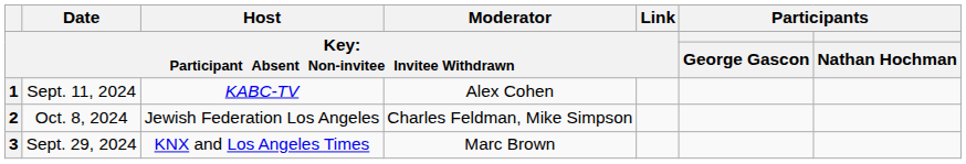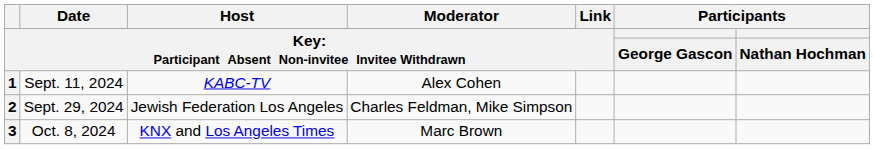 <table class="wikitable" style="text-align:center;">
 <tr>
 <th scope="col"></th>
 <th scope="col">Date</th>
 <th scope="col">Host</th>
 <th scope="col">Moderator</th>
 <th scope="col">Link</th>
 <th colspan="2" scope="col">Participants</th>
 </tr>
 <tr>
 <th colspan="5" rowspan="2">Key:<br> <small>Participant </small>  <small>Absent </small>  <small>Non-invitee </small>  <small>Invitee  Withdrawn</small></th>
 <th scope="col" style="background:"></th>
 <th scope="col" style="background:"></th>
 </tr>
 <tr>
 <th scope="col">George Gascon</th>
 <th scope="col">Nathan Hochman</th>
 </tr>
 <tr>
 <th scope="row">1</th>
 <td style="white-space:nowrap;">Sept. 11, 2024</td>
 <td style="white-space:nowrap;"><em><a href='#'>KABC-TV</a></em></td>
 <td style="white-space:nowrap;">Alex Cohen</td>
 <td style="white-space:nowrap;"></td>
 <td></td>
 <td></td>
 </tr>
 <tr>
 <th scope="row">2</th>
-<td style="white-space:nowrap;">Oct. 8, 2024</td>
+<td style="white-space:nowrap;">Sept. 29, 2024</td>
 <td style="white-space:nowrap;">Jewish Federation Los Angeles</td>
 <td style="white-space:nowrap;">Charles Feldman, Mike Simpson</td>
 <td style="white-space:nowrap;"></td>
 <td></td>
 <td></td>
 </tr>
 <tr>
 <th scope="row">3</th>
-<td style="white-space:nowrap;">Sept. 29, 2024</td>
+<td style="white-space:nowrap;">Oct. 8, 2024</td>
 <td style="white-space:nowrap;"><a href='#'>KNX</a> and <a href='#'>Los Angeles Times</a></td>
 <td style="white-space:nowrap;">Marc Brown</td>
 <td style="white-space:nowrap;"></td>
 <td></td>
 <td></td>
 </tr>
 </table>
